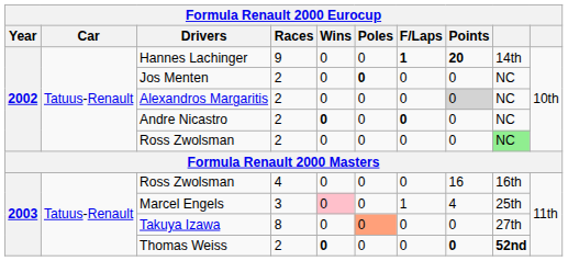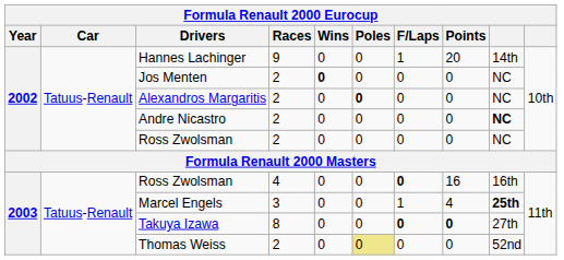 <table class="wikitable" style="font-size:85%">
 <tr>
 <th colspan="10" align="center"><a href='#'>Formula Renault 2000 Eurocup</a></th>
 </tr>
 <tr>
 <th>Year</th>
 <th>Car</th>
 <th>Drivers</th>
 <th>Races</th>
 <th>Wins</th>
 <th>Poles</th>
 <th>F/Laps</th>
 <th>Points</th>
 <th></th>
 <th></th>
 </tr>
 <tr>
 <th rowspan="5"><a href='#'>2002</a></th>
 <td rowspan="5"><a href='#'>Tatuus</a>-<a href='#'>Renault</a></td>
 <td> Hannes Lachinger</td>
 <td>9</td>
 <td>0</td>
 <td>0</td>
-<td><strong>1</strong></td>
-<td><strong>20</strong></td>
+<td>1</td>
+<td>20</td>
 <td>14th</td>
 <td rowspan="5">10th</td>
 </tr>
 <tr>
 <td> Jos Menten</td>
+<td>2</td>
+<td><strong>0</strong></td>
+<td>0</td>
+<td>0</td>
+<td>0</td>
+<td>NC</td>
+</tr>
+<tr>
+<td> <a href='#'>Alexandros Margaritis</a></td>
 <td>2</td>
 <td>0</td>
 <td><strong>0</strong></td>
 <td>0</td>
 <td>0</td>
 <td>NC</td>
 </tr>
 <tr>
-<td> <a href='#'>Alexandros Margaritis</a></td>
+<td> Andre Nicastro</td>
 <td>2</td>
 <td>0</td>
 <td>0</td>
 <td>0</td>
-<td style="background: lightgrey;">0</td>
-<td>NC</td>
-</tr>
-<tr>
-<td> Andre Nicastro</td>
-<td>2</td>
-<td><strong>0</strong></td>
 <td>0</td>
-<td><strong>0</strong></td>
-<td>0</td>
-<td>NC</td>
+<td><strong>NC</strong></td>
 </tr>
 <tr>
 <td> Ross Zwolsman</td>
 <td>2</td>
 <td>0</td>
 <td>0</td>
 <td>0</td>
 <td>0</td>
-<td style="background: lightgreen;">NC</td>
+<td>NC</td>
 </tr>
 <tr>
 <th colspan="10" align="center"><a href='#'>Formula Renault 2000 Masters</a></th>
 </tr>
 <tr>
 <th rowspan="4"><a href='#'>2003</a></th>
 <td rowspan="4"><a href='#'>Tatuus</a>-<a href='#'>Renault</a></td>
 <td> Ross Zwolsman</td>
 <td>4</td>
 <td>0</td>
 <td>0</td>
-<td>0</td>
+<td><strong>0</strong></td>
 <td>16</td>
 <td>16th</td>
 <td rowspan="4">11th</td>
 </tr>
 <tr>
 <td> Marcel Engels</td>
 <td>3</td>
-<td style="background: pink;">0</td>
+<td>0</td>
 <td>0</td>
 <td>1</td>
 <td>4</td>
-<td>25th</td>
+<td><strong>25th</strong></td>
 </tr>
 <tr>
 <td> <a href='#'>Takuya Izawa</a></td>
 <td>8</td>
 <td>0</td>
-<td style="background: lightsalmon;">0</td>
 <td>0</td>
-<td>0</td>
+<td><strong>0</strong></td>
+<td><strong>0</strong></td>
 <td>27th</td>
 </tr>
 <tr>
 <td> Thomas Weiss</td>
 <td>2</td>
-<td><strong>0</strong></td>
+<td>0</td>
+<td style="background: khaki;">0</td>
 <td>0</td>
 <td>0</td>
-<td><strong>0</strong></td>
-<td><strong>52nd</strong></td>
+<td>52nd</td>
 </tr>
 </table>
